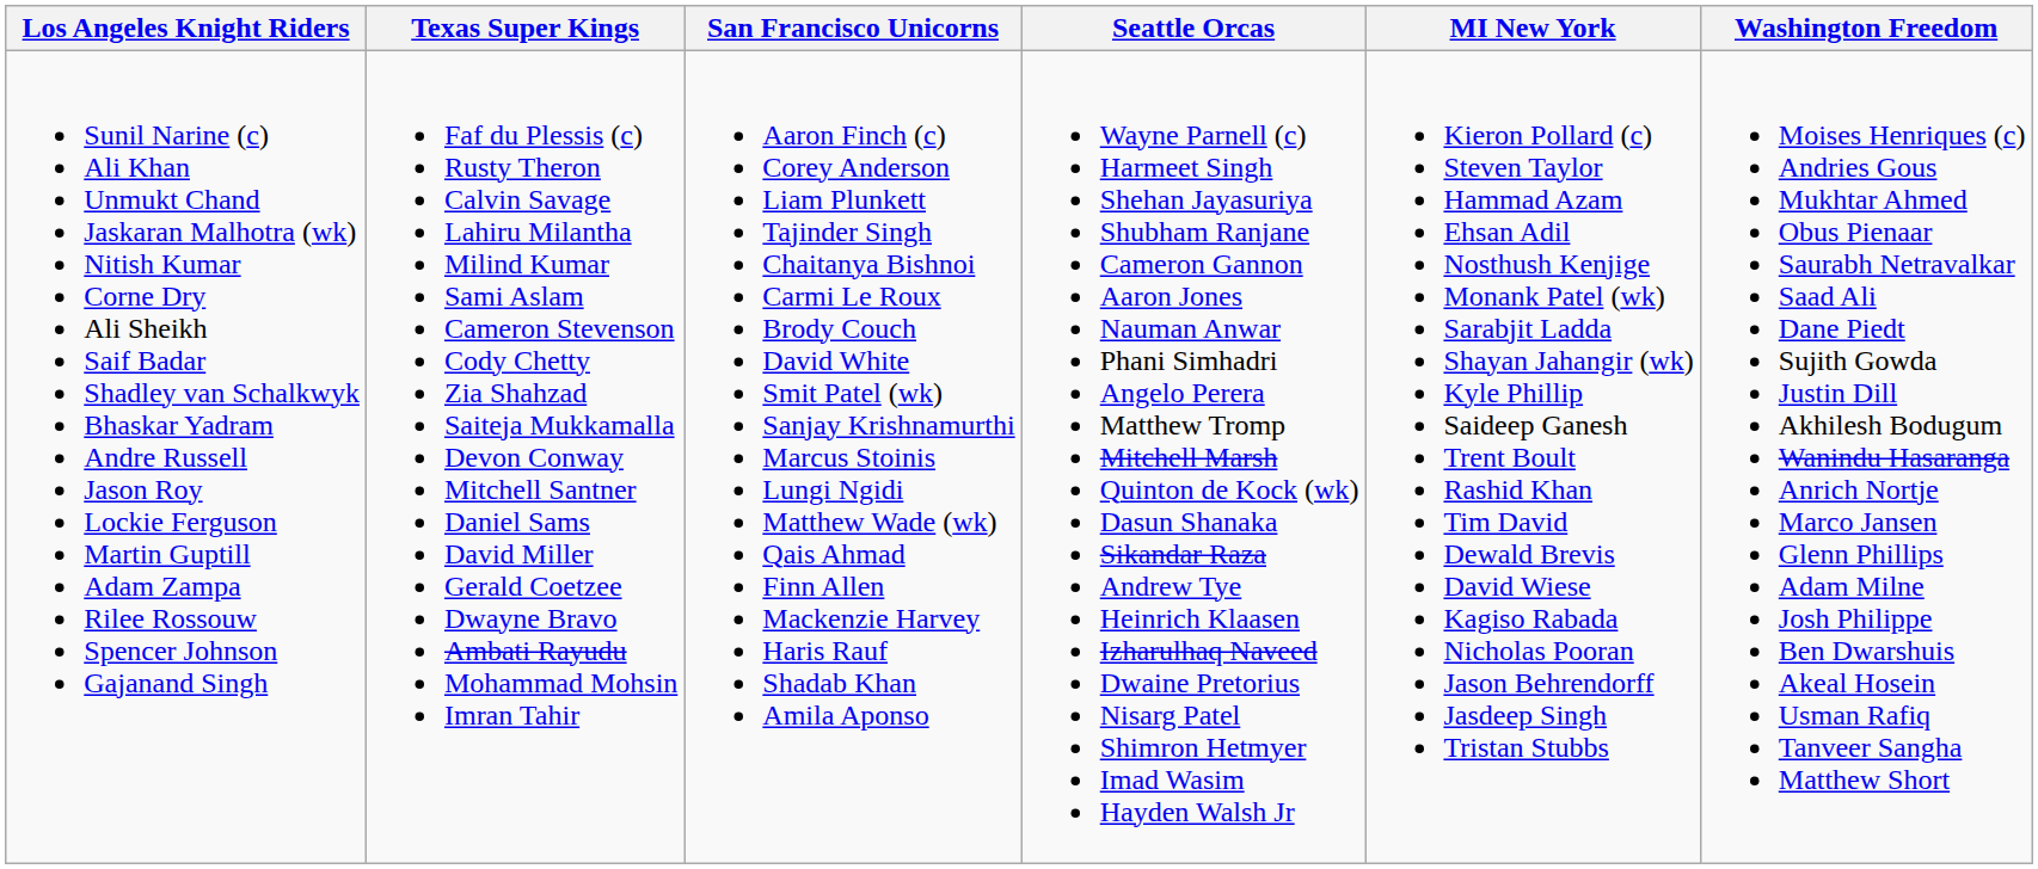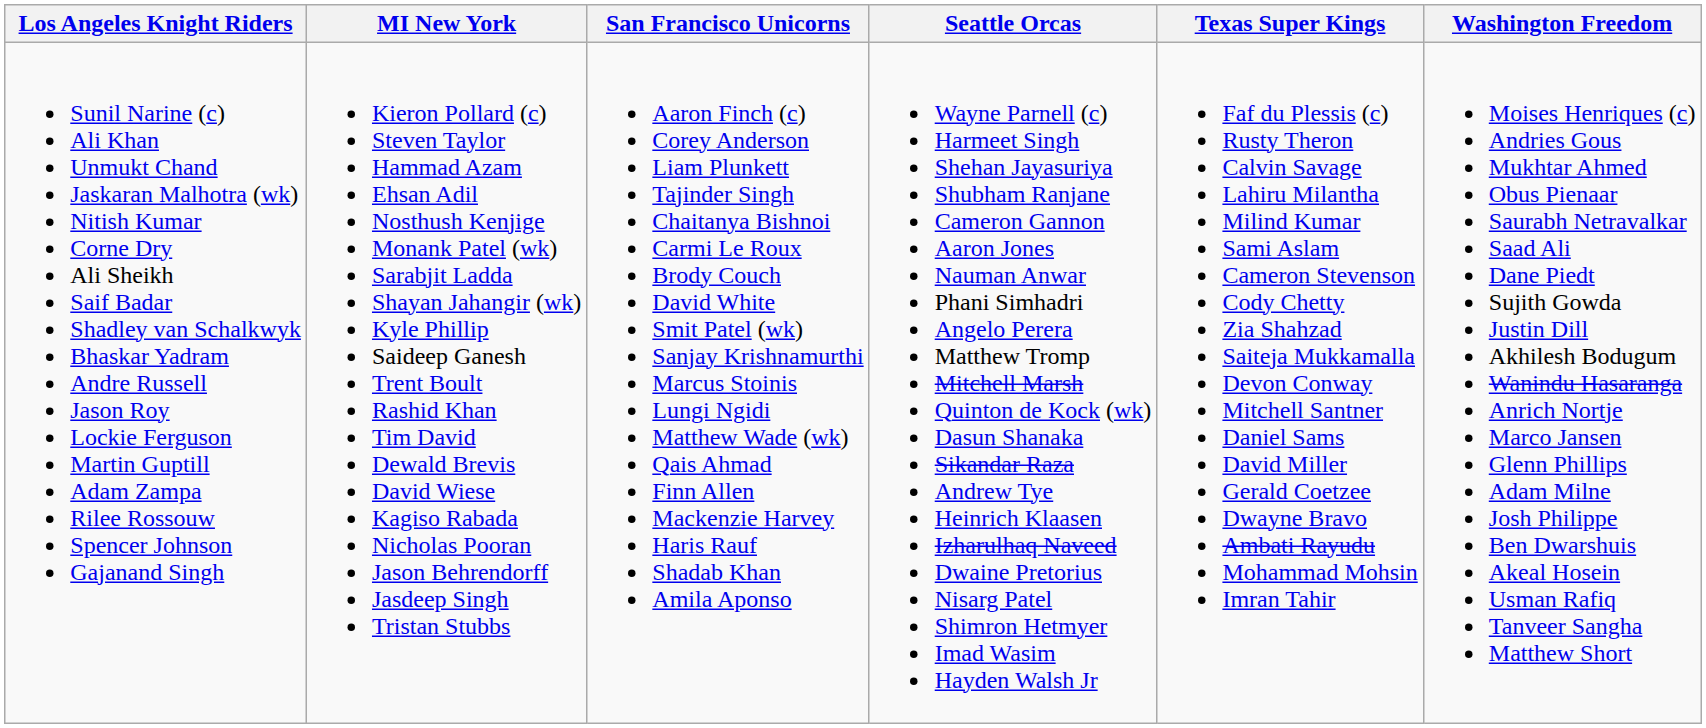 <table class="wikitable">
 <tr>
 <th><a href='#'>Los Angeles Knight Riders</a></th>
-<th><a href='#'>Texas Super Kings</a></th>
+<th><a href='#'>MI New York</a></th>
 <th><a href='#'>San Francisco Unicorns</a></th>
 <th><a href='#'>Seattle Orcas</a></th>
-<th><a href='#'>MI New York</a></th>
+<th><a href='#'>Texas Super Kings</a></th>
 <th><a href='#'>Washington Freedom</a></th>
 </tr>
 <tr>
 <td valign=top><br><ul><li><a href='#'>Sunil Narine</a> (<a href='#'>c</a>)</li><li><a href='#'>Ali Khan</a></li><li><a href='#'>Unmukt Chand</a></li><li><a href='#'>Jaskaran Malhotra</a> (<a href='#'>wk</a>)</li><li><a href='#'>Nitish Kumar</a></li><li><a href='#'>Corne Dry</a></li><li>Ali Sheikh</li><li><a href='#'>Saif Badar</a></li><li><a href='#'>Shadley van Schalkwyk</a></li><li><a href='#'>Bhaskar Yadram</a></li><li><a href='#'>Andre Russell</a></li><li><a href='#'>Jason Roy</a></li><li><a href='#'>Lockie Ferguson</a></li><li><a href='#'>Martin Guptill</a></li><li><a href='#'>Adam Zampa</a></li><li><a href='#'>Rilee Rossouw</a></li><li><a href='#'>Spencer Johnson</a></li><li><a href='#'>Gajanand Singh</a></li></ul></td>
-<td valign=top><br><ul><li><a href='#'>Faf du Plessis</a> (<a href='#'>c</a>)</li><li><a href='#'>Rusty Theron</a></li><li><a href='#'>Calvin Savage</a></li><li><a href='#'>Lahiru Milantha</a></li><li><a href='#'>Milind Kumar</a></li><li><a href='#'>Sami Aslam</a></li><li><a href='#'>Cameron Stevenson</a></li><li><a href='#'>Cody Chetty</a></li><li><a href='#'>Zia Shahzad</a></li><li><a href='#'>Saiteja Mukkamalla</a></li><li><a href='#'>Devon Conway</a></li><li><a href='#'>Mitchell Santner</a></li><li><a href='#'>Daniel Sams</a></li><li><a href='#'>David Miller</a></li><li><a href='#'>Gerald Coetzee</a></li><li><a href='#'>Dwayne Bravo</a></li><li><a href='#'><s>Ambati Rayudu</s></a></li><li><a href='#'>Mohammad Mohsin</a></li><li><a href='#'>Imran Tahir</a></li></ul></td>
+<td valign=top><br><ul><li><a href='#'>Kieron Pollard</a> (<a href='#'>c</a>)</li><li><a href='#'>Steven Taylor</a></li><li><a href='#'>Hammad Azam</a></li><li><a href='#'>Ehsan Adil</a></li><li><a href='#'>Nosthush Kenjige</a></li><li><a href='#'>Monank Patel</a> (<a href='#'>wk</a>)</li><li><a href='#'>Sarabjit Ladda</a></li><li><a href='#'>Shayan Jahangir</a> (<a href='#'>wk</a>)</li><li><a href='#'>Kyle Phillip</a></li><li>Saideep Ganesh</li><li><a href='#'>Trent Boult</a></li><li><a href='#'>Rashid Khan</a></li><li><a href='#'>Tim David</a></li><li><a href='#'>Dewald Brevis</a></li><li><a href='#'>David Wiese</a></li><li><a href='#'>Kagiso Rabada</a></li><li><a href='#'>Nicholas Pooran</a></li><li><a href='#'>Jason Behrendorff</a></li><li><a href='#'>Jasdeep Singh</a></li><li><a href='#'>Tristan Stubbs</a></li></ul></td>
 <td valign=top><br><ul><li><a href='#'>Aaron Finch</a> (<a href='#'>c</a>)</li><li><a href='#'>Corey Anderson</a></li><li><a href='#'>Liam Plunkett</a></li><li><a href='#'>Tajinder Singh</a></li><li><a href='#'>Chaitanya Bishnoi</a></li><li><a href='#'>Carmi Le Roux</a></li><li><a href='#'>Brody Couch</a></li><li><a href='#'>David White</a></li><li><a href='#'>Smit Patel</a> (<a href='#'>wk</a>)</li><li><a href='#'>Sanjay Krishnamurthi</a></li><li><a href='#'>Marcus Stoinis</a></li><li><a href='#'>Lungi Ngidi</a></li><li><a href='#'>Matthew Wade</a> (<a href='#'>wk</a>)</li><li><a href='#'>Qais Ahmad</a></li><li><a href='#'>Finn Allen</a></li><li><a href='#'>Mackenzie Harvey</a></li><li><a href='#'>Haris Rauf</a></li><li><a href='#'>Shadab Khan</a></li><li><a href='#'>Amila Aponso</a></li></ul></td>
 <td valign=top><br><ul><li><a href='#'>Wayne Parnell</a> (<a href='#'>c</a>)</li><li><a href='#'>Harmeet Singh</a></li><li><a href='#'>Shehan Jayasuriya</a></li><li><a href='#'>Shubham Ranjane</a></li><li><a href='#'>Cameron Gannon</a></li><li><a href='#'>Aaron Jones</a></li><li><a href='#'>Nauman Anwar</a></li><li>Phani Simhadri</li><li><a href='#'>Angelo Perera</a></li><li>Matthew Tromp</li><li><a href='#'><s>Mitchell Marsh</s></a></li><li><a href='#'>Quinton de Kock</a> (<a href='#'>wk</a>)</li><li><a href='#'>Dasun Shanaka</a></li><li><a href='#'><s>Sikandar Raza</s></a></li><li><a href='#'>Andrew Tye</a></li><li><a href='#'>Heinrich Klaasen</a></li><li><a href='#'><s>Izharulhaq Naveed</s></a></li><li><a href='#'>Dwaine Pretorius</a></li><li><a href='#'>Nisarg Patel</a></li><li><a href='#'>Shimron Hetmyer</a></li><li><a href='#'>Imad Wasim</a></li><li><a href='#'>Hayden Walsh Jr</a></li></ul></td>
-<td valign=top><br><ul><li><a href='#'>Kieron Pollard</a> (<a href='#'>c</a>)</li><li><a href='#'>Steven Taylor</a></li><li><a href='#'>Hammad Azam</a></li><li><a href='#'>Ehsan Adil</a></li><li><a href='#'>Nosthush Kenjige</a></li><li><a href='#'>Monank Patel</a> (<a href='#'>wk</a>)</li><li><a href='#'>Sarabjit Ladda</a></li><li><a href='#'>Shayan Jahangir</a> (<a href='#'>wk</a>)</li><li><a href='#'>Kyle Phillip</a></li><li>Saideep Ganesh</li><li><a href='#'>Trent Boult</a></li><li><a href='#'>Rashid Khan</a></li><li><a href='#'>Tim David</a></li><li><a href='#'>Dewald Brevis</a></li><li><a href='#'>David Wiese</a></li><li><a href='#'>Kagiso Rabada</a></li><li><a href='#'>Nicholas Pooran</a></li><li><a href='#'>Jason Behrendorff</a></li><li><a href='#'>Jasdeep Singh</a></li><li><a href='#'>Tristan Stubbs</a></li></ul></td>
+<td valign=top><br><ul><li><a href='#'>Faf du Plessis</a> (<a href='#'>c</a>)</li><li><a href='#'>Rusty Theron</a></li><li><a href='#'>Calvin Savage</a></li><li><a href='#'>Lahiru Milantha</a></li><li><a href='#'>Milind Kumar</a></li><li><a href='#'>Sami Aslam</a></li><li><a href='#'>Cameron Stevenson</a></li><li><a href='#'>Cody Chetty</a></li><li><a href='#'>Zia Shahzad</a></li><li><a href='#'>Saiteja Mukkamalla</a></li><li><a href='#'>Devon Conway</a></li><li><a href='#'>Mitchell Santner</a></li><li><a href='#'>Daniel Sams</a></li><li><a href='#'>David Miller</a></li><li><a href='#'>Gerald Coetzee</a></li><li><a href='#'>Dwayne Bravo</a></li><li><a href='#'><s>Ambati Rayudu</s></a></li><li><a href='#'>Mohammad Mohsin</a></li><li><a href='#'>Imran Tahir</a></li></ul></td>
 <td valign=top><br><ul><li><a href='#'>Moises Henriques</a> (<a href='#'>c</a>)</li><li><a href='#'>Andries Gous</a></li><li><a href='#'>Mukhtar Ahmed</a></li><li><a href='#'>Obus Pienaar</a></li><li><a href='#'>Saurabh Netravalkar</a></li><li><a href='#'>Saad Ali</a></li><li><a href='#'>Dane Piedt</a></li><li>Sujith Gowda</li><li><a href='#'>Justin Dill</a></li><li>Akhilesh Bodugum</li><li><a href='#'><s>Wanindu Hasaranga</s></a></li><li><a href='#'>Anrich Nortje</a></li><li><a href='#'>Marco Jansen</a></li><li><a href='#'>Glenn Phillips</a></li><li><a href='#'>Adam Milne</a></li><li><a href='#'>Josh Philippe</a></li><li><a href='#'>Ben Dwarshuis</a></li><li><a href='#'>Akeal Hosein</a></li><li><a href='#'>Usman Rafiq</a></li><li><a href='#'>Tanveer Sangha</a></li><li><a href='#'>Matthew Short</a></li></ul></td>
 </tr>
 </table>
